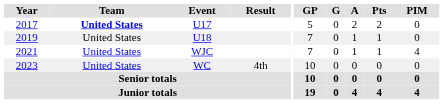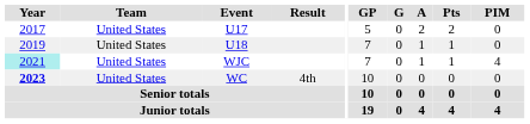 <table border="0" cellpadding="1" cellspacing="0" ID="Table3" style="text-align:center; width:40em;">
 <tr bgcolor="#e0e0e0">
 <th>Year</th>
 <th>Team</th>
 <th>Event</th>
 <th>Result</th>
 <th rowspan="99" bgcolor="#ffffff"></th>
 <th>GP</th>
 <th>G</th>
 <th>A</th>
 <th>Pts</th>
 <th>PIM</th>
 </tr>
 <tr>
 <td><a href='#'>2017</a></td>
-<td><strong><a href='#'>United States</a></strong></td>
+<td><a href='#'>United States</a></td>
 <td><a href='#'>U17</a></td>
 <td></td>
 <td>5</td>
 <td>0</td>
 <td>2</td>
 <td>2</td>
 <td>0</td>
 </tr>
 <tr bgcolor="#f0f0f0">
 <td><a href='#'>2019</a></td>
 <td>United States</td>
 <td><a href='#'>U18</a></td>
 <td></td>
 <td>7</td>
 <td>0</td>
 <td>1</td>
 <td>1</td>
 <td>0</td>
 </tr>
 <tr>
-<td><a href='#'>2021</a></td>
+<td style="background: paleturquoise;"><a href='#'>2021</a></td>
 <td><a href='#'>United States</a></td>
 <td><a href='#'>WJC</a></td>
 <td></td>
 <td>7</td>
 <td>0</td>
 <td>1</td>
 <td>1</td>
 <td>4</td>
 </tr>
 <tr bgcolor="#f0f0f0">
-<td><a href='#'>2023</a></td>
+<td><strong><a href='#'>2023</a></strong></td>
 <td><a href='#'>United States</a></td>
 <td><a href='#'>WC</a></td>
 <td>4th</td>
 <td>10</td>
 <td>0</td>
 <td>0</td>
 <td>0</td>
 <td>0</td>
 </tr>
 <tr bgcolor="#e0e0e0">
 <th colspan="4">Senior totals</th>
 <th>10</th>
 <th>0</th>
 <th>0</th>
 <th>0</th>
 <th>0</th>
 </tr>
 <tr bgcolor="#e0e0e0">
 <th colspan="4">Junior totals</th>
 <th>19</th>
 <th>0</th>
 <th>4</th>
 <th>4</th>
 <th>4</th>
 </tr>
 </table>
